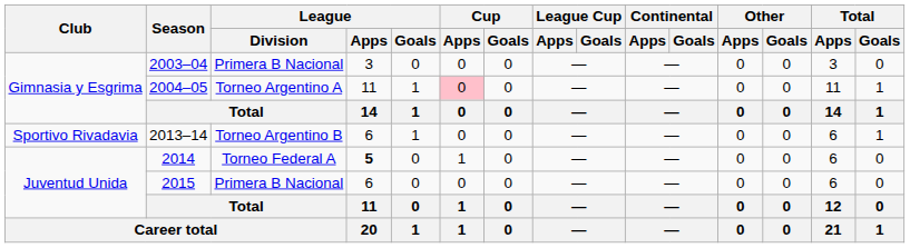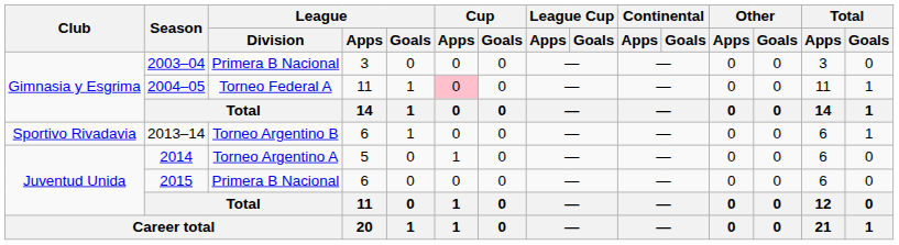 <table class="wikitable" style="text-align:center">
 <tr>
 <th rowspan="2">Club</th>
 <th rowspan="2">Season</th>
 <th colspan="3">League</th>
 <th colspan="2">Cup</th>
 <th colspan="2">League Cup</th>
 <th colspan="2">Continental</th>
 <th colspan="2">Other</th>
 <th colspan="2">Total</th>
 </tr>
 <tr>
 <th>Division</th>
 <th>Apps</th>
 <th>Goals</th>
 <th>Apps</th>
 <th>Goals</th>
 <th>Apps</th>
 <th>Goals</th>
 <th>Apps</th>
 <th>Goals</th>
 <th>Apps</th>
 <th>Goals</th>
 <th>Apps</th>
 <th>Goals</th>
 </tr>
 <tr>
 <td rowspan="3"><a href='#'>Gimnasia y Esgrima</a></td>
 <td><a href='#'>2003–04</a></td>
 <td rowspan="1"><a href='#'>Primera B Nacional</a></td>
 <td>3</td>
 <td>0</td>
 <td>0</td>
 <td>0</td>
 <td colspan="2">—</td>
 <td colspan="2">—</td>
 <td>0</td>
 <td>0</td>
 <td>3</td>
 <td>0</td>
 </tr>
 <tr>
 <td><a href='#'>2004–05</a></td>
-<td rowspan="1"><a href='#'>Torneo Argentino A</a></td>
+<td rowspan="1"><a href='#'>Torneo Federal A</a></td>
 <td>11</td>
 <td>1</td>
 <td style="background: pink;">0</td>
 <td>0</td>
 <td colspan="2">—</td>
 <td colspan="2">—</td>
 <td>0</td>
 <td>0</td>
 <td>11</td>
 <td>1</td>
 </tr>
 <tr>
 <th colspan="2">Total</th>
 <th>14</th>
 <th>1</th>
 <th>0</th>
 <th>0</th>
 <th colspan="2">—</th>
 <th colspan="2">—</th>
 <th>0</th>
 <th>0</th>
 <th>14</th>
 <th>1</th>
 </tr>
 <tr>
 <td rowspan="1"><a href='#'>Sportivo Rivadavia</a></td>
 <td>2013–14</td>
 <td rowspan="1"><a href='#'>Torneo Argentino B</a></td>
 <td>6</td>
 <td>1</td>
 <td>0</td>
 <td>0</td>
 <td colspan="2">—</td>
 <td colspan="2">—</td>
 <td>0</td>
 <td>0</td>
 <td>6</td>
 <td>1</td>
 </tr>
 <tr>
 <td rowspan="3"><a href='#'>Juventud Unida</a></td>
 <td><a href='#'>2014</a></td>
-<td rowspan="1"><a href='#'>Torneo Federal A</a></td>
-<td><strong>5</strong></td>
+<td rowspan="1"><a href='#'>Torneo Argentino A</a></td>
+<td>5</td>
 <td>0</td>
 <td>1</td>
 <td>0</td>
 <td colspan="2">—</td>
 <td colspan="2">—</td>
 <td>0</td>
 <td>0</td>
 <td>6</td>
 <td>0</td>
 </tr>
 <tr>
 <td><a href='#'>2015</a></td>
 <td rowspan="1"><a href='#'>Primera B Nacional</a></td>
 <td>6</td>
 <td>0</td>
 <td>0</td>
 <td>0</td>
 <td colspan="2">—</td>
 <td colspan="2">—</td>
 <td>0</td>
 <td>0</td>
 <td>6</td>
 <td>0</td>
 </tr>
 <tr>
 <th colspan="2">Total</th>
 <th>11</th>
 <th>0</th>
 <th>1</th>
 <th>0</th>
 <th colspan="2">—</th>
 <th colspan="2">—</th>
 <th>0</th>
 <th>0</th>
 <th>12</th>
 <th>0</th>
 </tr>
 <tr>
 <th colspan="3">Career total</th>
 <th>20</th>
 <th>1</th>
 <th>1</th>
 <th>0</th>
 <th colspan="2">—</th>
 <th colspan="2">—</th>
 <th>0</th>
 <th>0</th>
 <th>21</th>
 <th>1</th>
 </tr>
 </table>
